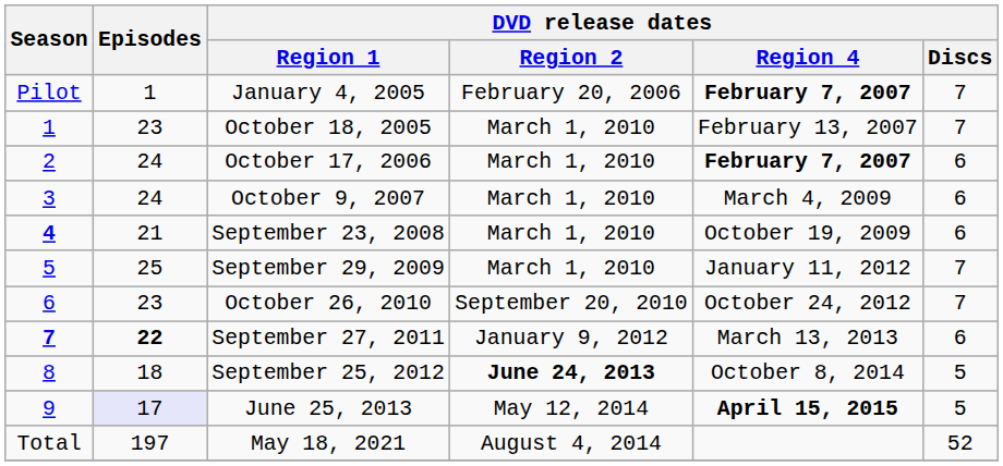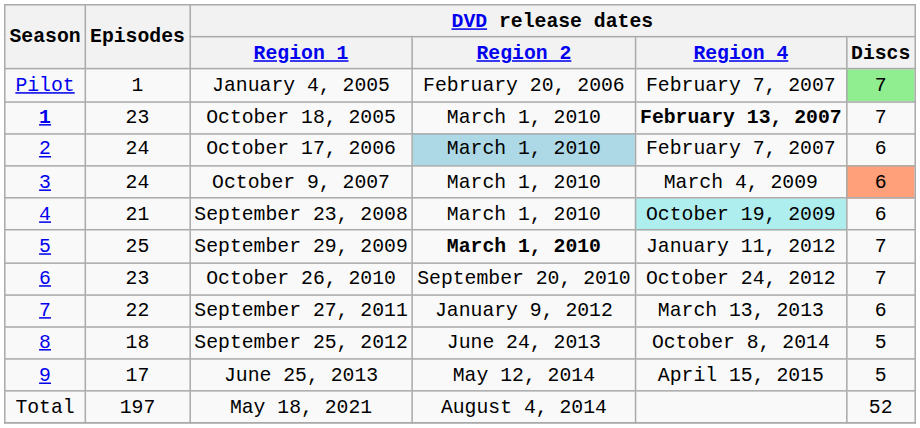 <table class="wikitable plainrowheaders" style="text-align: center;">
 <tr>
 <th scope="col" rowspan="2">Season</th>
 <th scope="col" rowspan="2">Episodes</th>
 <th scope="col" colspan="4"><a href='#'>DVD</a> release dates</th>
 </tr>
 <tr>
 <th scope="col"><a href='#'>Region 1</a></th>
 <th scope="col"><a href='#'>Region 2</a></th>
 <th scope="col"><a href='#'>Region 4</a></th>
 <th scope="col">Discs</th>
 </tr>
 <tr>
 <td scope="row"><a href='#'>Pilot</a></td>
 <td>1</td>
 <td>January 4, 2005</td>
 <td>February 20, 2006</td>
-<td><strong>February 7, 2007</strong></td>
-<td>7</td>
+<td>February 7, 2007</td>
+<td style="background: lightgreen;">7</td>
 </tr>
 <tr>
-<td scope="row"><a href='#'>1</a></td>
+<td scope="row"><strong><a href='#'>1</a></strong></td>
 <td>23</td>
 <td>October 18, 2005</td>
 <td>March 1, 2010</td>
-<td>February 13, 2007</td>
+<td><strong>February 13, 2007</strong></td>
 <td>7</td>
 </tr>
 <tr>
 <td scope="row"><a href='#'>2</a></td>
 <td>24</td>
 <td>October 17, 2006</td>
-<td>March 1, 2010</td>
-<td><strong>February 7, 2007</strong></td>
+<td style="background: lightblue;">March 1, 2010</td>
+<td>February 7, 2007</td>
 <td>6</td>
 </tr>
 <tr>
 <td scope="row"><a href='#'>3</a></td>
 <td>24</td>
 <td>October 9, 2007</td>
 <td>March 1, 2010</td>
 <td>March 4, 2009</td>
-<td>6</td>
+<td style="background: lightsalmon;">6</td>
 </tr>
 <tr>
-<td scope="row"><strong><a href='#'>4</a></strong></td>
+<td scope="row"><a href='#'>4</a></td>
 <td>21</td>
 <td>September 23, 2008</td>
 <td>March 1, 2010</td>
-<td>October 19, 2009</td>
+<td style="background: paleturquoise;">October 19, 2009</td>
 <td>6</td>
 </tr>
 <tr>
 <td scope="row"><a href='#'>5</a></td>
 <td>25</td>
 <td>September 29, 2009</td>
-<td>March 1, 2010</td>
+<td><strong>March 1, 2010</strong></td>
 <td>January 11, 2012</td>
 <td>7</td>
 </tr>
 <tr>
 <td scope="row"><a href='#'>6</a></td>
 <td>23</td>
 <td>October 26, 2010</td>
 <td>September 20, 2010</td>
 <td>October 24, 2012</td>
 <td>7</td>
 </tr>
 <tr>
-<td scope="row"><strong><a href='#'>7</a></strong></td>
-<td><strong>22</strong></td>
+<td scope="row"><a href='#'>7</a></td>
+<td>22</td>
 <td>September 27, 2011</td>
 <td>January 9, 2012</td>
 <td>March 13, 2013</td>
 <td>6</td>
 </tr>
 <tr>
 <td scope="row"><a href='#'>8</a></td>
 <td>18</td>
 <td>September 25, 2012</td>
-<td><strong>June 24, 2013</strong></td>
+<td>June 24, 2013</td>
 <td>October 8, 2014</td>
 <td>5</td>
 </tr>
 <tr>
 <td scope="row"><a href='#'>9</a></td>
-<td style="background: lavender;">17</td>
+<td>17</td>
 <td>June 25, 2013</td>
 <td>May 12, 2014</td>
-<td><strong>April 15, 2015</strong></td>
+<td>April 15, 2015</td>
 <td>5</td>
 </tr>
 <tr>
 <td scope="row">Total</td>
 <td>197</td>
 <td>May 18, 2021</td>
 <td>August 4, 2014</td>
 <td></td>
 <td>52</td>
 </tr>
 <tr>
 </tr>
 </table>
